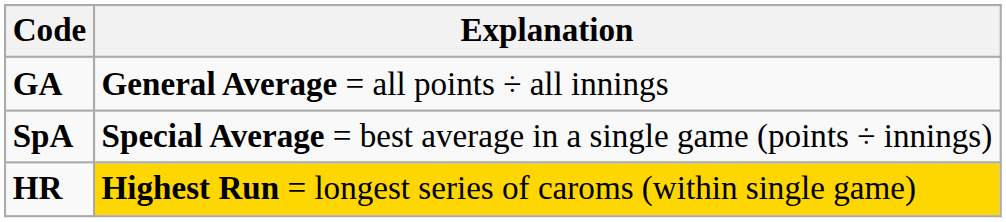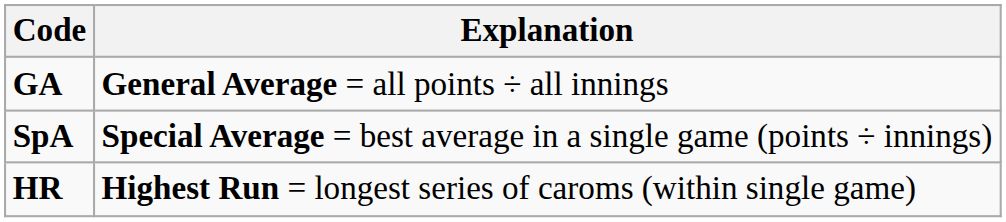 <table class="wikitable" border="1">
 <tr>
 <th>Code</th>
 <th>Explanation</th>
 </tr>
 <tr>
 <td><strong>GA</strong></td>
 <td><strong>General Average</strong> = all  points ÷ all innings</td>
 </tr>
 <tr>
 <td><strong>SpA</strong></td>
 <td><strong>Special Average</strong> = best average in a single game (points ÷ innings)</td>
 </tr>
 <tr>
 <td><strong>HR</strong></td>
-<td style="background: gold;"><strong>Highest Run</strong> = longest series of caroms (within single game)</td>
+<td><strong>Highest Run</strong> = longest series of caroms (within single game)</td>
 </tr>
 </table>
